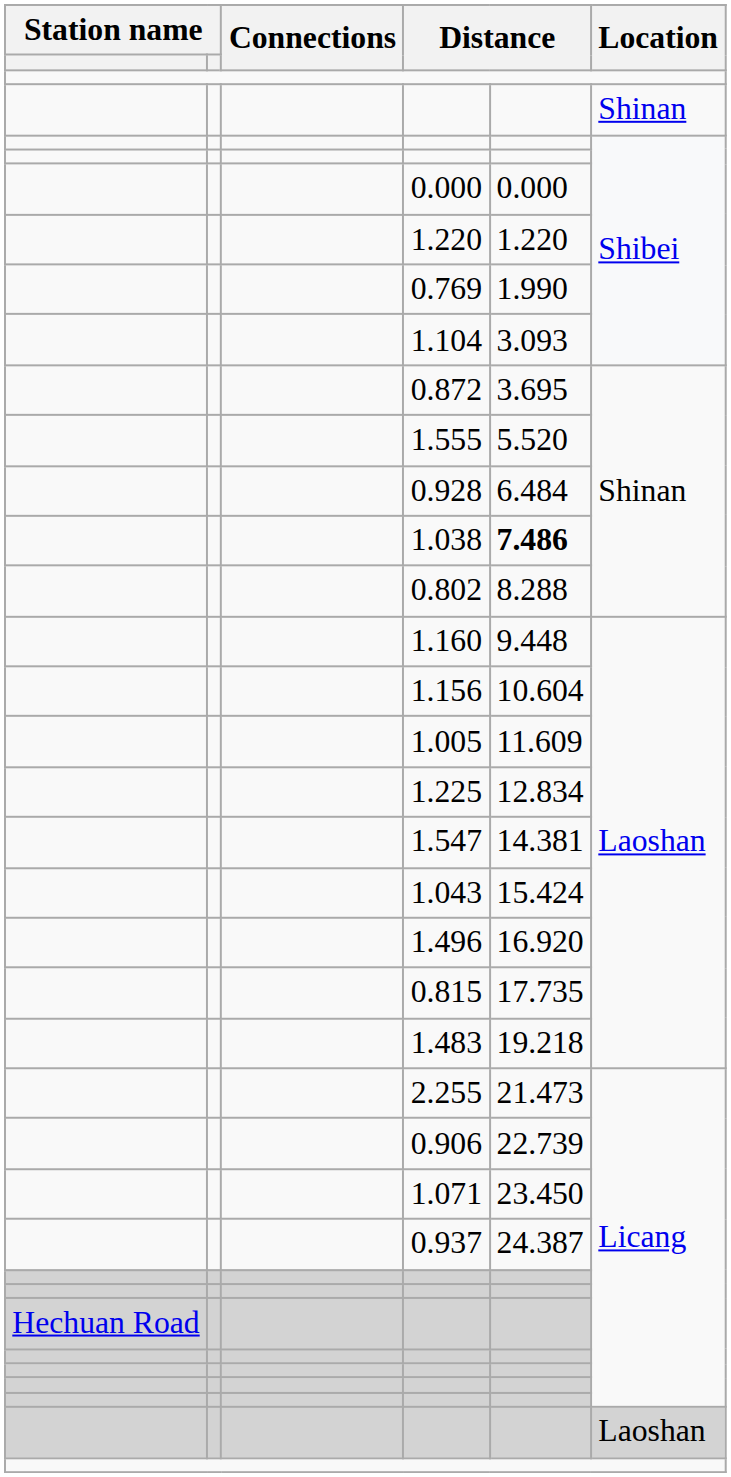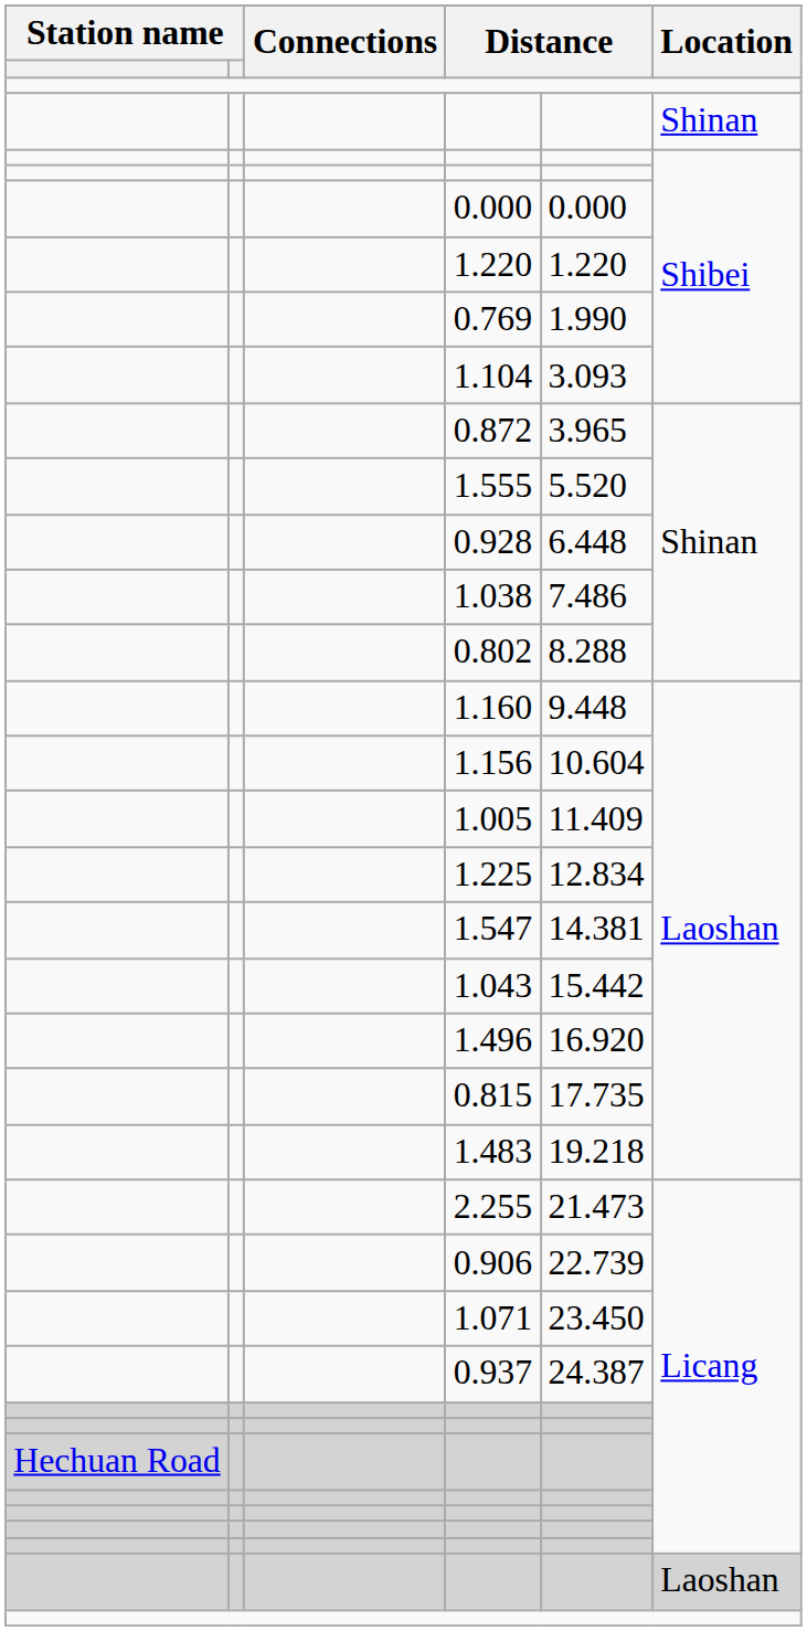 <table class="wikitable">
 <tr>
 <th colspan=2>Station name</th>
 <th rowspan=2>Connections</th>
 <th colspan="2" rowspan="2">Distance<br></th>
 <th rowspan=2>Location</th>
 </tr>
 <tr>
 <th></th>
 <th></th>
 </tr>
 <tr style="background:#">
 <td colspan = "6"></td>
 </tr>
 <tr>
 <td></td>
 <td></td>
 <td></td>
 <td></td>
 <td></td>
 <td><a href='#'>Shinan</a></td>
 </tr>
 <tr>
 <td></td>
 <td></td>
 <td></td>
 <td></td>
 <td></td>
 <td bgcolor=#F8F9FA rowspan="6"><a href='#'>Shibei</a></td>
 </tr>
 <tr>
 <td></td>
 <td></td>
 <td></td>
 <td></td>
 <td></td>
 </tr>
 <tr>
 <td></td>
 <td></td>
 <td></td>
 <td>0.000</td>
 <td>0.000</td>
 </tr>
 <tr>
 <td></td>
 <td></td>
 <td> </td>
 <td>1.220</td>
 <td>1.220</td>
 </tr>
 <tr>
 <td></td>
 <td></td>
 <td></td>
 <td>0.769</td>
 <td>1.990</td>
 </tr>
 <tr>
 <td></td>
 <td></td>
 <td></td>
 <td>1.104</td>
 <td>3.093</td>
 </tr>
 <tr>
 <td></td>
 <td></td>
 <td></td>
 <td>0.872</td>
-<td>3.695</td>
+<td>3.965</td>
 <td rowspan="5">Shinan</td>
 </tr>
 <tr>
 <td></td>
 <td></td>
 <td> </td>
 <td>1.555</td>
 <td>5.520</td>
 </tr>
 <tr>
 <td></td>
 <td></td>
 <td></td>
 <td>0.928</td>
-<td>6.484</td>
+<td>6.448</td>
 </tr>
 <tr>
 <td></td>
 <td></td>
 <td></td>
 <td>1.038</td>
-<td><strong>7.486</strong></td>
+<td>7.486</td>
 </tr>
 <tr>
 <td></td>
 <td></td>
 <td></td>
 <td>0.802</td>
 <td>8.288</td>
 </tr>
 <tr>
 <td></td>
 <td></td>
 <td></td>
 <td>1.160</td>
 <td>9.448</td>
 <td rowspan="9"><a href='#'>Laoshan</a></td>
 </tr>
 <tr>
 <td></td>
 <td></td>
 <td></td>
 <td>1.156</td>
 <td>10.604</td>
 </tr>
 <tr>
 <td></td>
 <td></td>
 <td></td>
 <td>1.005</td>
-<td>11.609</td>
+<td>11.409</td>
 </tr>
 <tr>
 <td></td>
 <td></td>
 <td></td>
 <td>1.225</td>
 <td>12.834</td>
 </tr>
 <tr>
 <td></td>
 <td></td>
 <td></td>
 <td>1.547</td>
 <td>14.381</td>
 </tr>
 <tr>
 <td></td>
 <td></td>
 <td></td>
 <td>1.043</td>
-<td>15.424</td>
+<td>15.442</td>
 </tr>
 <tr>
 <td></td>
 <td></td>
 <td></td>
 <td>1.496</td>
 <td>16.920</td>
 </tr>
 <tr>
 <td></td>
 <td></td>
 <td></td>
 <td>0.815</td>
 <td>17.735</td>
 </tr>
 <tr>
 <td></td>
 <td></td>
 <td></td>
 <td>1.483</td>
 <td>19.218</td>
 </tr>
 <tr>
 <td></td>
 <td></td>
 <td></td>
 <td>2.255</td>
 <td>21.473</td>
 <td rowspan="11"><a href='#'>Licang</a></td>
 </tr>
 <tr>
 <td></td>
 <td></td>
 <td></td>
 <td>0.906</td>
 <td>22.739</td>
 </tr>
 <tr>
 <td></td>
 <td></td>
 <td></td>
 <td>1.071</td>
 <td>23.450</td>
 </tr>
 <tr>
 <td></td>
 <td></td>
 <td></td>
 <td>0.937</td>
 <td>24.387</td>
 </tr>
 <tr bgcolor="lightgrey">
 <td></td>
 <td></td>
 <td></td>
 <td></td>
 <td></td>
 </tr>
 <tr bgcolor="lightgrey">
 <td></td>
 <td></td>
 <td></td>
 <td></td>
 <td></td>
 </tr>
 <tr bgcolor="lightgrey">
 <td><a href='#'>Hechuan Road</a></td>
 <td></td>
 <td></td>
 <td></td>
 <td></td>
 </tr>
 <tr bgcolor="lightgrey">
 <td></td>
 <td></td>
 <td></td>
 <td></td>
 <td></td>
 </tr>
 <tr bgcolor="lightgrey">
 <td></td>
 <td></td>
 <td></td>
 <td></td>
 <td></td>
 </tr>
 <tr bgcolor="lightgrey">
 <td></td>
 <td></td>
 <td></td>
 <td></td>
 <td></td>
 </tr>
 <tr bgcolor="lightgrey">
 <td></td>
 <td></td>
 <td></td>
 <td></td>
 <td></td>
 </tr>
 <tr bgcolor="lightgrey">
 <td></td>
 <td></td>
 <td></td>
 <td></td>
 <td></td>
 <td>Laoshan</td>
 </tr>
 <tr style="background:#">
 <td colspan = "6"></td>
 </tr>
 </table>
